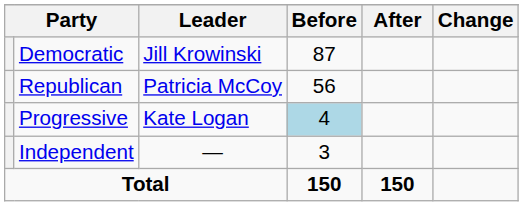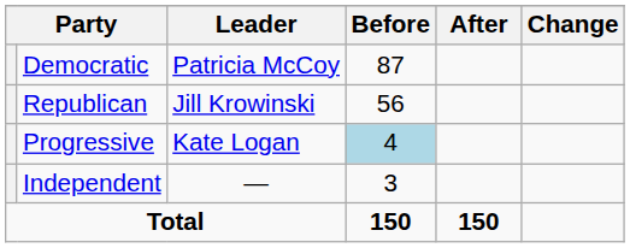 <table class="wikitable" style="text-align:center;">
 <tr>
 </tr>
 <tr>
 <th colspan="2">Party</th>
 <th>Leader</th>
 <th style="width:3em">Before</th>
 <th style="width:3em">After</th>
 <th style="width:3em">Change</th>
 </tr>
 <tr>
 <th style="background-color:"></th>
 <td style="text-align:left;"><a href='#'>Democratic</a></td>
-<td style="text-align:left;"><a href='#'>Jill Krowinski</a></td>
+<td style="text-align:left;"><a href='#'>Patricia McCoy</a></td>
 <td>87</td>
 <td></td>
 <td></td>
 </tr>
 <tr>
 <th style="background-color:"></th>
 <td style="text-align:left;"><a href='#'>Republican</a></td>
-<td style="text-align:left;"><a href='#'>Patricia McCoy</a></td>
+<td style="text-align:left;"><a href='#'>Jill Krowinski</a></td>
 <td>56</td>
 <td></td>
 <td></td>
 </tr>
 <tr>
 <th style="background-color:"></th>
 <td style="text-align:left;"><a href='#'>Progressive</a></td>
 <td style="text-align:left;"><a href='#'>Kate Logan</a></td>
 <td style="background: lightblue;">4</td>
 <td></td>
 <td></td>
 </tr>
 <tr>
 <th style="background-color:"></th>
 <td style="text-align:left;"><a href='#'>Independent</a></td>
 <td>—</td>
 <td>3</td>
 <td></td>
 <td></td>
 </tr>
 <tr>
 <td colspan="3"><strong>Total</strong></td>
 <td><strong>150</strong></td>
 <td><strong>150</strong></td>
 <td></td>
 </tr>
 </table>
